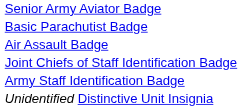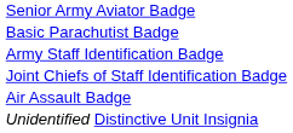 <table>
 <tr>
 <td>  <a href='#'>Senior Army Aviator Badge</a></td>
 </tr>
 <tr>
 <td>  <a href='#'>Basic Parachutist Badge</a></td>
 </tr>
 <tr>
-<td>  <a href='#'>Air Assault Badge</a></td>
+<td>  <a href='#'>Army Staff Identification Badge</a></td>
 </tr>
 <tr>
 <td>  <a href='#'>Joint Chiefs of Staff Identification Badge</a></td>
 </tr>
 <tr>
-<td>  <a href='#'>Army Staff Identification Badge</a></td>
+<td>  <a href='#'>Air Assault Badge</a></td>
 </tr>
 <tr>
 <td>  <em>Unidentified</em> <a href='#'>Distinctive Unit Insignia</a></td>
 </tr>
 </table>
